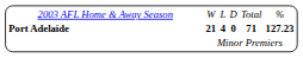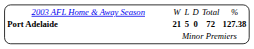 <table style="margin-right:4px; margin-top:8px; float:right; border:1px #000 solid; border-radius:8px; background:#fff; font-family:Verdana; font-size:8pt; text-align:center;">
 <tr>
 <td width=200><em><a href='#'>2003 AFL Home & Away Season</a></em></td>
 <td><em>W</em></td>
 <td><em>L</em></td>
 <td><em>D</em></td>
 <td><em>Total</em></td>
 <td><em>%</em></td>
 </tr>
 <tr>
 <td style="text-align:left"><strong>Port Adelaide</strong></td>
 <td><strong>21</strong></td>
-<td><strong>4</strong></td>
+<td><strong>5</strong></td>
 <td><strong>0</strong></td>
-<td><strong>71</strong></td>
-<td><strong>127.23</strong></td>
+<td><strong>72</strong></td>
+<td><strong>127.38</strong></td>
 </tr>
 <tr>
 <td></td>
 <td colspan=9><em>Minor Premiers</em></td>
 </tr>
 </table>
